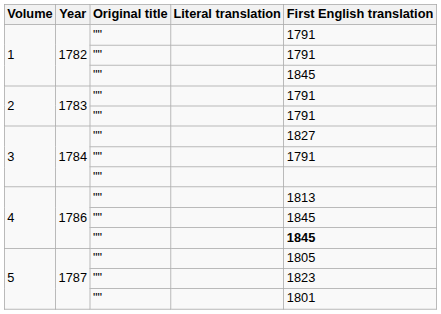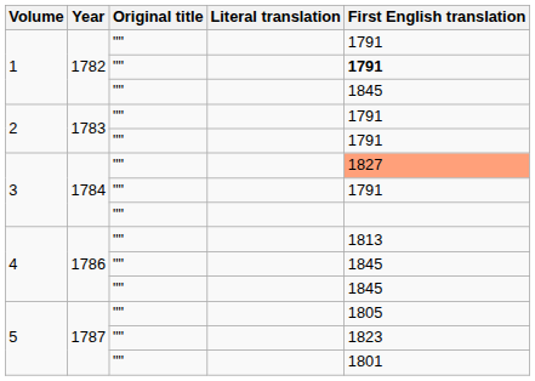 <table class="wikitable">
 <tr>
 <th>Volume</th>
 <th>Year</th>
 <th>Original title</th>
 <th>Literal translation</th>
 <th>First English translation</th>
 </tr>
 <tr>
 <td rowspan=3>1</td>
 <td rowspan=3>1782</td>
 <td>""</td>
 <td></td>
 <td>1791</td>
 </tr>
 <tr>
 <td>""</td>
 <td></td>
-<td>1791</td>
+<td><strong>1791</strong></td>
 </tr>
 <tr>
 <td>""</td>
 <td></td>
 <td>1845</td>
 </tr>
 <tr>
 <td rowspan=2>2</td>
 <td rowspan=2>1783</td>
 <td>""</td>
 <td></td>
 <td>1791</td>
 </tr>
 <tr>
 <td>""</td>
 <td></td>
 <td>1791</td>
 </tr>
 <tr>
 <td rowspan=3>3</td>
 <td rowspan=3>1784</td>
 <td>""</td>
 <td></td>
-<td>1827</td>
+<td style="background: lightsalmon;">1827</td>
 </tr>
 <tr>
 <td>""</td>
 <td></td>
 <td>1791</td>
 </tr>
 <tr>
 <td>""</td>
 <td></td>
 </tr>
 <tr>
 <td rowspan=3>4</td>
 <td rowspan=3>1786</td>
 <td>""</td>
 <td></td>
 <td>1813</td>
 </tr>
 <tr>
 <td>""</td>
 <td></td>
 <td>1845</td>
 </tr>
 <tr>
 <td>""</td>
 <td></td>
-<td><strong>1845</strong></td>
+<td>1845</td>
 </tr>
 <tr>
 <td rowspan=3>5</td>
 <td rowspan=3>1787</td>
 <td>""</td>
 <td></td>
 <td>1805</td>
 </tr>
 <tr>
 <td>""</td>
 <td></td>
 <td>1823</td>
 </tr>
 <tr>
 <td>""</td>
 <td></td>
 <td>1801</td>
 </tr>
 </table>
